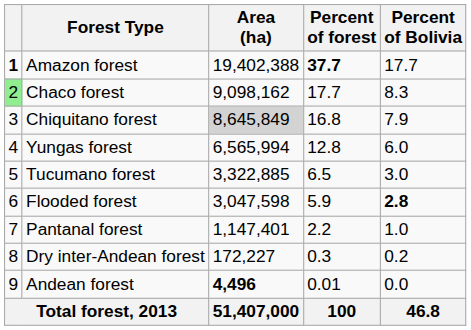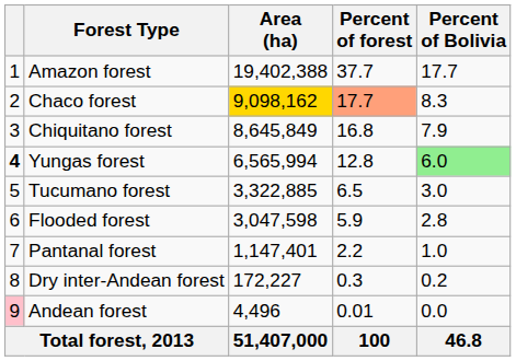 <table class="wikitable">
 <tr>
 <th></th>
 <th>Forest Type</th>
 <th>Area<br>(ha)</th>
 <th>Percent<br>of forest</th>
 <th>Percent<br>of Bolivia</th>
 </tr>
 <tr>
-<td><strong>1</strong></td>
+<td>1</td>
 <td>Amazon forest</td>
 <td>19,402,388</td>
-<td><strong>37.7</strong></td>
+<td>37.7</td>
 <td>17.7</td>
 </tr>
 <tr>
-<td style="background: lightgreen;">2</td>
+<td>2</td>
 <td>Chaco forest</td>
-<td>9,098,162</td>
-<td>17.7</td>
+<td style="background: gold;">9,098,162</td>
+<td style="background: lightsalmon;">17.7</td>
 <td>8.3</td>
 </tr>
 <tr>
 <td>3</td>
 <td>Chiquitano forest</td>
-<td style="background: lightgrey;">8,645,849</td>
+<td>8,645,849</td>
 <td>16.8</td>
 <td>7.9</td>
 </tr>
 <tr>
-<td>4</td>
+<td><strong>4</strong></td>
 <td>Yungas forest</td>
 <td>6,565,994</td>
 <td>12.8</td>
-<td>6.0</td>
+<td style="background: lightgreen;">6.0</td>
 </tr>
 <tr>
 <td>5</td>
 <td>Tucumano forest</td>
 <td>3,322,885</td>
 <td>6.5</td>
 <td>3.0</td>
 </tr>
 <tr>
 <td>6</td>
 <td>Flooded forest</td>
 <td>3,047,598</td>
 <td>5.9</td>
-<td><strong>2.8</strong></td>
+<td>2.8</td>
 </tr>
 <tr>
 <td>7</td>
 <td>Pantanal forest</td>
 <td>1,147,401</td>
 <td>2.2</td>
 <td>1.0</td>
 </tr>
 <tr>
 <td>8</td>
 <td>Dry inter-Andean forest</td>
 <td>172,227</td>
 <td>0.3</td>
 <td>0.2</td>
 </tr>
 <tr>
-<td>9</td>
+<td style="background: pink;">9</td>
 <td>Andean forest</td>
-<td><strong>4,496</strong></td>
+<td>4,496</td>
 <td>0.01</td>
 <td>0.0</td>
 </tr>
 <tr>
 <th colspan=2>Total forest, 2013</th>
 <th>51,407,000</th>
 <th>100</th>
 <th>46.8</th>
 </tr>
 </table>
